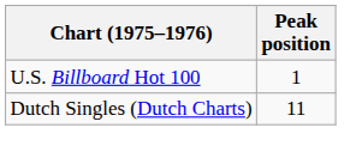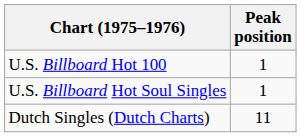 <table class="wikitable sortable">
 <tr>
 <th>Chart (1975–1976)</th>
 <th>Peak<br>position</th>
 </tr>
 <tr>
 <td>U.S. <a href='#'><em>Billboard</em> Hot 100</a></td>
 <td style="text-align:center;">1</td>
 </tr>
 <tr>
+<td>U.S. <em><a href='#'>Billboard</a></em> <a href='#'>Hot Soul Singles</a></td>
+<td style="text-align:center;">1</td>
+</tr>
+<tr>
 <td>Dutch Singles (<a href='#'>Dutch Charts</a>)</td>
 <td style="text-align:center;">11</td>
 </tr>
 </table>
